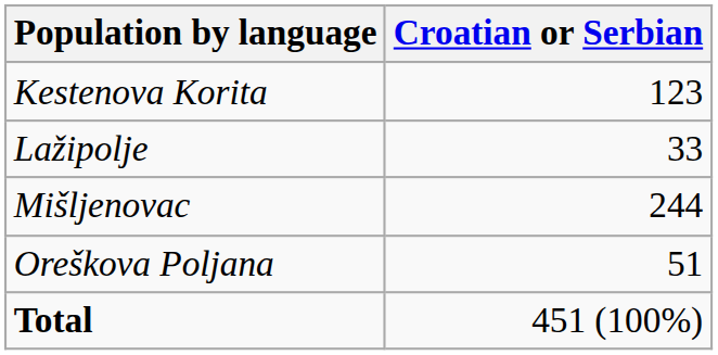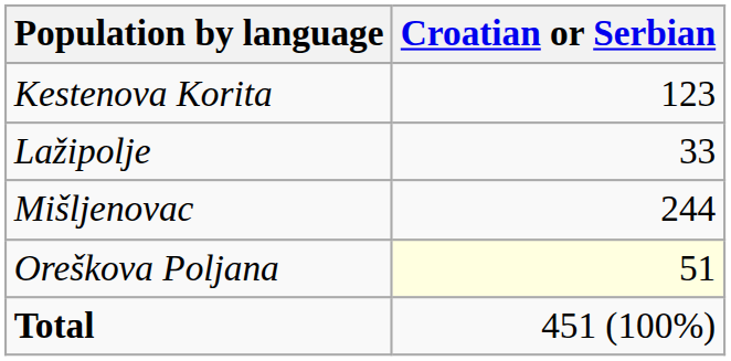 <table class="wikitable sortable">
 <tr>
 <th>Population by language</th>
 <th><a href='#'>Croatian</a> or <a href='#'>Serbian</a></th>
 </tr>
 <tr>
 <td><em>Kestenova Korita</em></td>
 <td align="right">123</td>
 </tr>
 <tr>
 <td><em>Lažipolje</em></td>
 <td align="right">33</td>
 </tr>
 <tr>
 <td><em>Mišljenovac</em></td>
 <td align="right">244</td>
 </tr>
 <tr>
 <td><em>Oreškova Poljana</em></td>
-<td align="right">51</td>
+<td align="right" style="background: lightyellow;">51</td>
 </tr>
 <tr>
 <td><strong>Total</strong></td>
 <td align="right">451 (100%)</td>
 </tr>
 </table>
